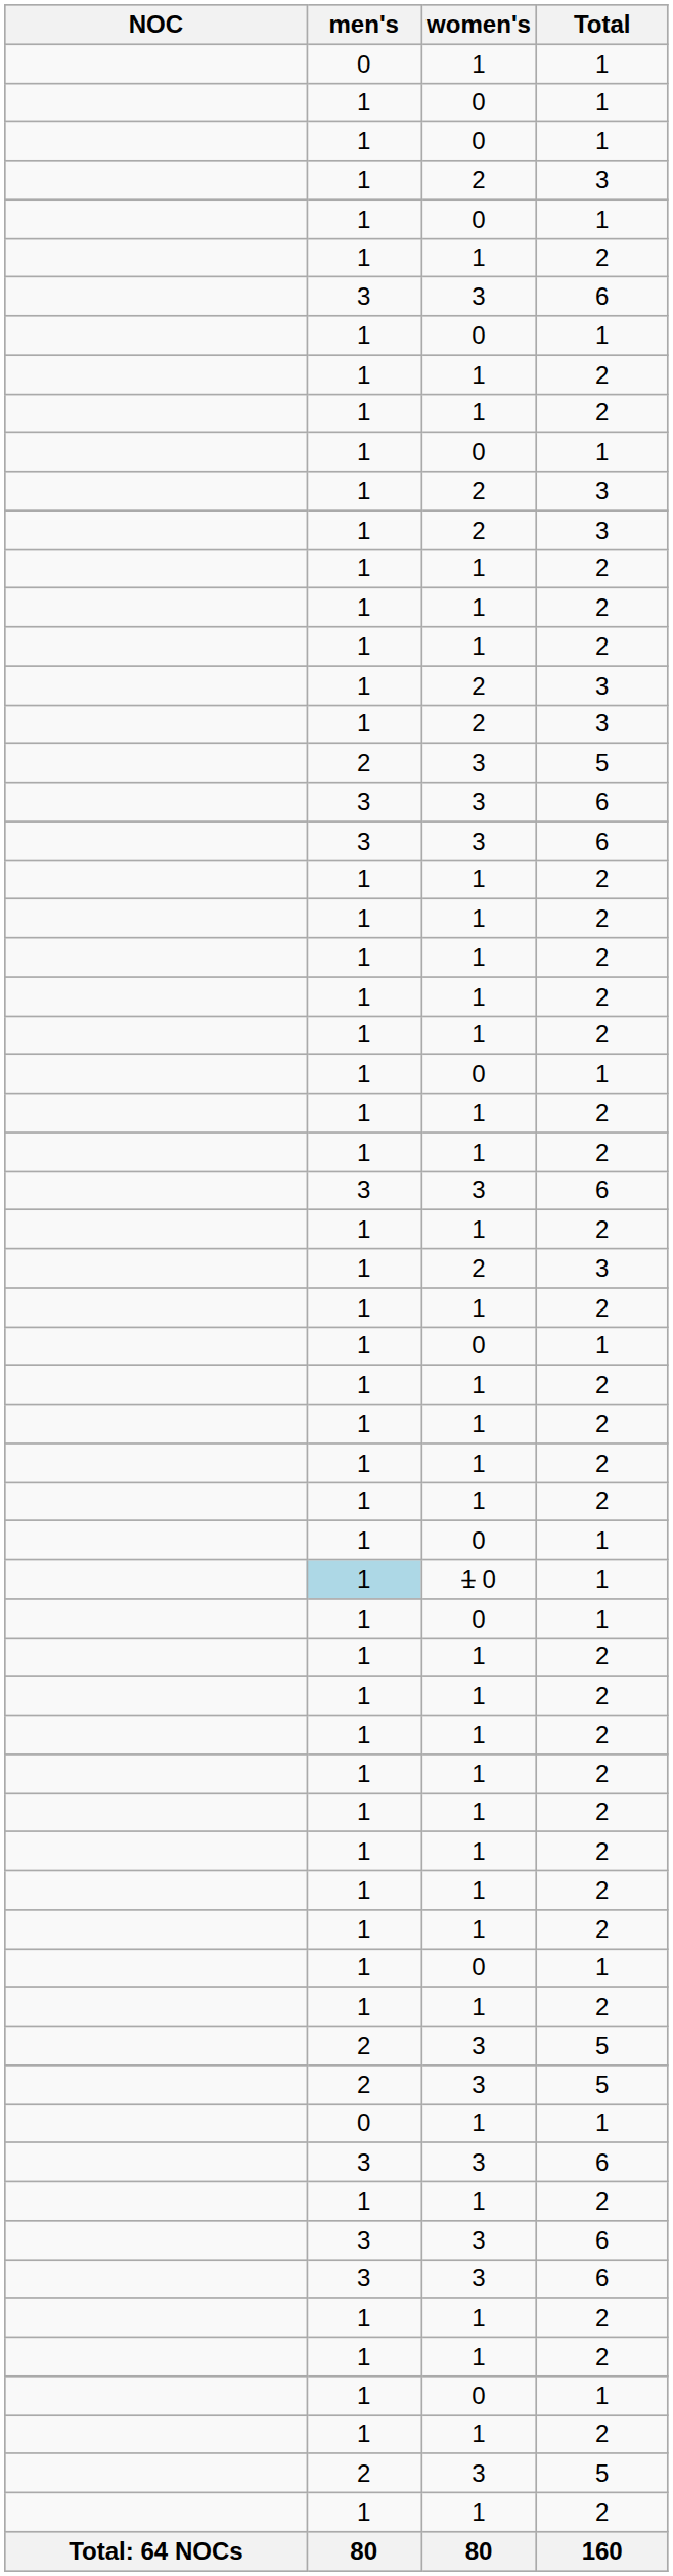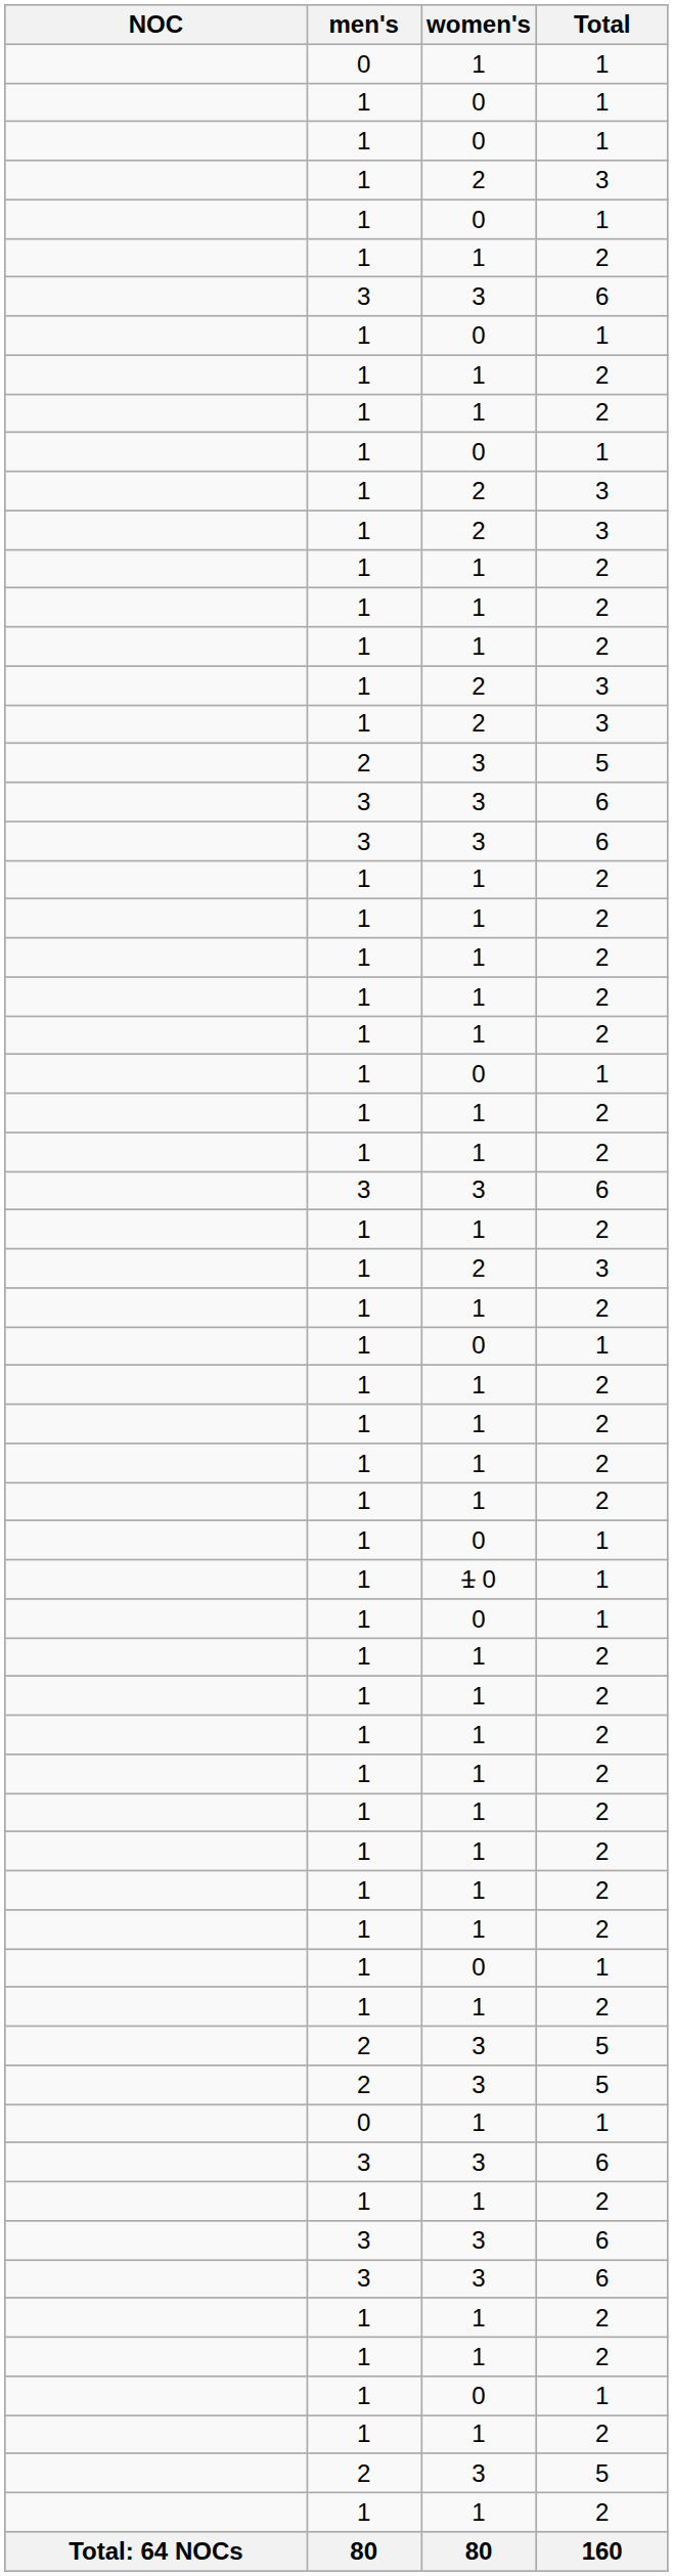 <table class="wikitable sortable" style="text-align:center; font-size:90%">
 <tr>
 <th width=170 align=left>NOC</th>
 <th width=60>men's</th>
 <th width=60>women's</th>
 <th width=70>Total</th>
 </tr>
 <tr>
 <td align=left></td>
 <td>0</td>
 <td>1</td>
 <td>1</td>
 </tr>
 <tr>
 <td align=left></td>
 <td>1</td>
 <td>0</td>
 <td>1</td>
 </tr>
 <tr>
 <td align=left></td>
 <td>1</td>
 <td>0</td>
 <td>1</td>
 </tr>
 <tr>
 <td align=left></td>
 <td>1</td>
 <td>2</td>
 <td>3</td>
 </tr>
 <tr>
 <td align=left></td>
 <td>1</td>
 <td>0</td>
 <td>1</td>
 </tr>
 <tr>
 <td align=left></td>
 <td>1</td>
 <td>1</td>
 <td>2</td>
 </tr>
 <tr>
 <td align=left></td>
 <td>3</td>
 <td>3</td>
 <td>6</td>
 </tr>
 <tr>
 <td align=left></td>
 <td>1</td>
 <td>0</td>
 <td>1</td>
 </tr>
 <tr>
 <td align=left></td>
 <td>1</td>
 <td>1</td>
 <td>2</td>
 </tr>
 <tr>
 <td align=left></td>
 <td>1</td>
 <td>1</td>
 <td>2</td>
 </tr>
 <tr>
 <td align=left></td>
 <td>1</td>
 <td>0</td>
 <td>1</td>
 </tr>
 <tr>
 <td align=left></td>
 <td>1</td>
 <td>2</td>
 <td>3</td>
 </tr>
 <tr>
 <td align=left></td>
 <td>1</td>
 <td>2</td>
 <td>3</td>
 </tr>
 <tr>
 <td align=left></td>
 <td>1</td>
 <td>1</td>
 <td>2</td>
 </tr>
 <tr>
 <td align=left></td>
 <td>1</td>
 <td>1</td>
 <td>2</td>
 </tr>
 <tr>
 <td align=left></td>
 <td>1</td>
 <td>1</td>
 <td>2</td>
 </tr>
 <tr>
 <td align=left></td>
 <td>1</td>
 <td>2</td>
 <td>3</td>
 </tr>
 <tr>
 <td align=left></td>
 <td>1</td>
 <td>2</td>
 <td>3</td>
 </tr>
 <tr>
 <td align=left></td>
 <td>2</td>
 <td>3</td>
 <td>5</td>
 </tr>
 <tr>
 <td align=left></td>
 <td>3</td>
 <td>3</td>
 <td>6</td>
 </tr>
 <tr>
 <td align=left></td>
 <td>3</td>
 <td>3</td>
 <td>6</td>
 </tr>
 <tr>
 <td align=left></td>
 <td>1</td>
 <td>1</td>
 <td>2</td>
 </tr>
 <tr>
 <td align=left></td>
 <td>1</td>
 <td>1</td>
 <td>2</td>
 </tr>
 <tr>
 <td align=left></td>
 <td>1</td>
 <td>1</td>
 <td>2</td>
 </tr>
 <tr>
 <td align=left></td>
 <td>1</td>
 <td>1</td>
 <td>2</td>
 </tr>
 <tr>
 <td align=left></td>
 <td>1</td>
 <td>1</td>
 <td>2</td>
 </tr>
 <tr>
 <td align=left></td>
 <td>1</td>
 <td>0</td>
 <td>1</td>
 </tr>
 <tr>
 <td align=left></td>
 <td>1</td>
 <td>1</td>
 <td>2</td>
 </tr>
 <tr>
 <td align=left></td>
 <td>1</td>
 <td>1</td>
 <td>2</td>
 </tr>
 <tr>
 <td align=left></td>
 <td>3</td>
 <td>3</td>
 <td>6</td>
 </tr>
 <tr>
 <td align=left></td>
 <td>1</td>
 <td>1</td>
 <td>2</td>
 </tr>
 <tr>
 <td align=left></td>
 <td>1</td>
 <td>2</td>
 <td>3</td>
 </tr>
 <tr>
 <td align=left></td>
 <td>1</td>
 <td>1</td>
 <td>2</td>
 </tr>
 <tr>
 <td align=left></td>
 <td>1</td>
 <td>0</td>
 <td>1</td>
 </tr>
 <tr>
 <td align=left></td>
 <td>1</td>
 <td>1</td>
 <td>2</td>
 </tr>
 <tr>
 <td align=left></td>
 <td>1</td>
 <td>1</td>
 <td>2</td>
 </tr>
 <tr>
 <td align=left></td>
 <td>1</td>
 <td>1</td>
 <td>2</td>
 </tr>
 <tr>
 <td align=left></td>
 <td>1</td>
 <td>1</td>
 <td>2</td>
 </tr>
 <tr>
 <td align=left></td>
 <td>1</td>
 <td>0</td>
 <td>1</td>
 </tr>
 <tr>
 <td align=left></td>
-<td style="background: lightblue;">1</td>
+<td>1</td>
 <td><s>1</s> 0</td>
 <td>1</td>
 </tr>
 <tr>
 <td align=left></td>
 <td>1</td>
 <td>0</td>
 <td>1</td>
 </tr>
 <tr>
 <td align=left></td>
 <td>1</td>
 <td>1</td>
 <td>2</td>
 </tr>
 <tr>
 <td align=left></td>
 <td>1</td>
 <td>1</td>
 <td>2</td>
 </tr>
 <tr>
 <td align=left></td>
 <td>1</td>
 <td>1</td>
 <td>2</td>
 </tr>
 <tr>
 <td align=left></td>
 <td>1</td>
 <td>1</td>
 <td>2</td>
 </tr>
 <tr>
 <td align=left></td>
 <td>1</td>
 <td>1</td>
 <td>2</td>
 </tr>
 <tr>
 <td align=left></td>
 <td>1</td>
 <td>1</td>
 <td>2</td>
 </tr>
 <tr>
 <td align=left></td>
 <td>1</td>
 <td>1</td>
 <td>2</td>
 </tr>
 <tr>
 <td align=left></td>
 <td>1</td>
 <td>1</td>
 <td>2</td>
 </tr>
 <tr>
 <td align=left></td>
 <td>1</td>
 <td>0</td>
 <td>1</td>
 </tr>
 <tr>
 <td align=left></td>
 <td>1</td>
 <td>1</td>
 <td>2</td>
 </tr>
 <tr>
 <td align=left></td>
 <td>2</td>
 <td>3</td>
 <td>5</td>
 </tr>
 <tr>
 <td align=left></td>
 <td>2</td>
 <td>3</td>
 <td>5</td>
 </tr>
 <tr>
 <td align=left></td>
 <td>0</td>
 <td>1</td>
 <td>1</td>
 </tr>
 <tr>
 <td align=left></td>
 <td>3</td>
 <td>3</td>
 <td>6</td>
 </tr>
 <tr>
 <td align=left></td>
 <td>1</td>
 <td>1</td>
 <td>2</td>
 </tr>
 <tr>
 <td align=left></td>
 <td>3</td>
 <td>3</td>
 <td>6</td>
 </tr>
 <tr>
 <td align=left></td>
 <td>3</td>
 <td>3</td>
 <td>6</td>
 </tr>
 <tr>
 <td align=left></td>
 <td>1</td>
 <td>1</td>
 <td>2</td>
 </tr>
 <tr>
 <td align=left></td>
 <td>1</td>
 <td>1</td>
 <td>2</td>
 </tr>
 <tr>
 <td align=left></td>
 <td>1</td>
 <td>0</td>
 <td>1</td>
 </tr>
 <tr>
 <td align=left></td>
 <td>1</td>
 <td>1</td>
 <td>2</td>
 </tr>
 <tr>
 <td align=left></td>
 <td>2</td>
 <td>3</td>
 <td>5</td>
 </tr>
 <tr>
 <td align=left></td>
 <td>1</td>
 <td>1</td>
 <td>2</td>
 </tr>
 <tr>
 <th>Total: 64 NOCs</th>
 <th>80</th>
 <th>80</th>
 <th>160</th>
 </tr>
 </table>
